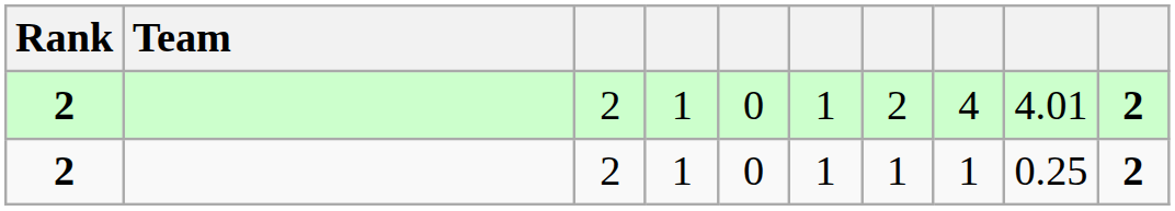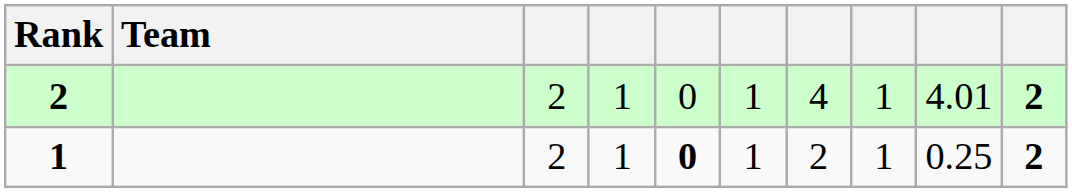 <table class="wikitable" style="text-align: center;">
 <tr>
 <th width=30>Rank</th>
 <th width=165 style="text-align:left;">Team</th>
 <th width=20></th>
 <th width=20></th>
 <th width=20></th>
 <th width=20></th>
 <th width=20></th>
 <th width=20></th>
 <th width=20></th>
 <th width=20></th>
 </tr>
 <tr style="background:#ccffcc;">
 <td><strong>2</strong></td>
 <td style="text-align:left;"></td>
 <td>2</td>
 <td>1</td>
 <td>0</td>
 <td>1</td>
-<td>2</td>
 <td>4</td>
+<td>1</td>
 <td>4.01</td>
 <td><strong>2</strong></td>
 </tr>
 <tr>
-<td><strong>2</strong></td>
+<td><strong>1</strong></td>
 <td style="text-align:left;"></td>
 <td>2</td>
 <td>1</td>
-<td>0</td>
+<td><strong>0</strong></td>
 <td>1</td>
-<td>1</td>
+<td>2</td>
 <td>1</td>
 <td>0.25</td>
 <td><strong>2</strong></td>
 </tr>
 </table>
